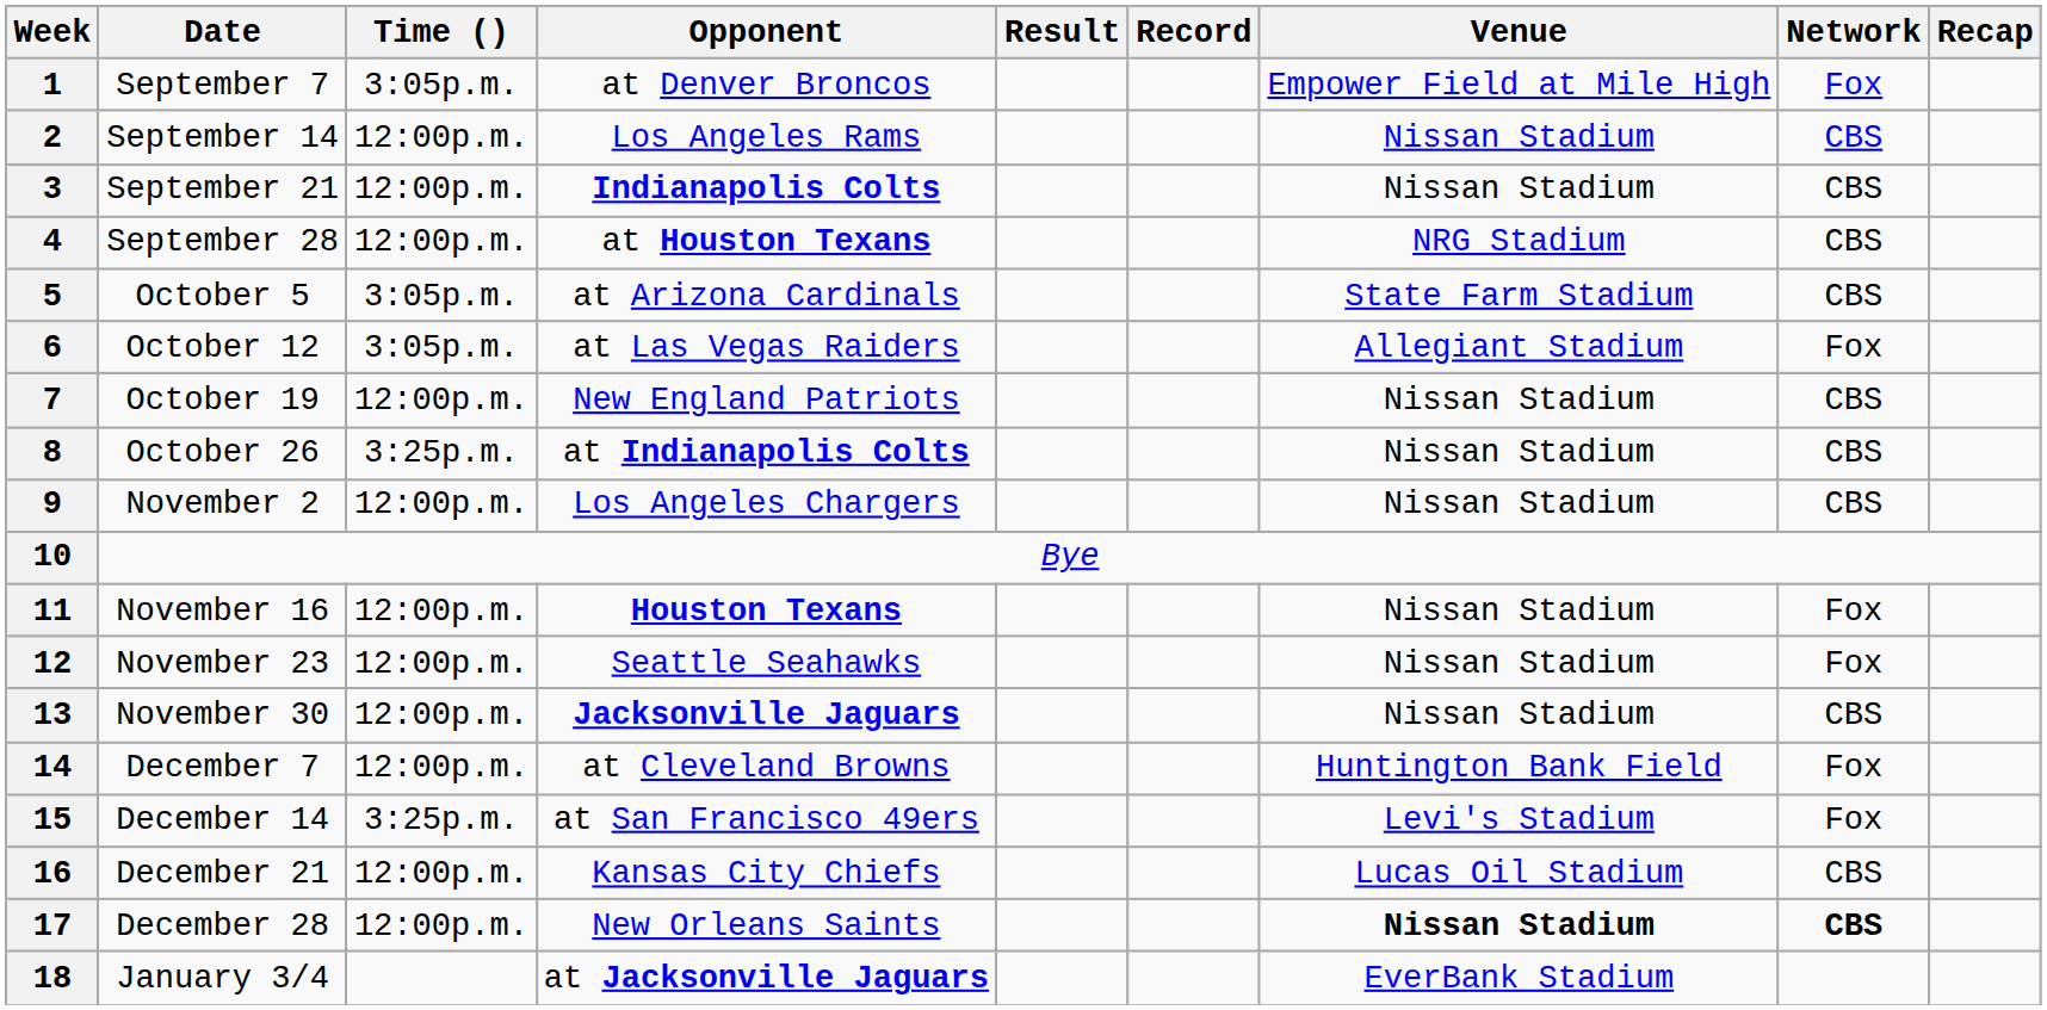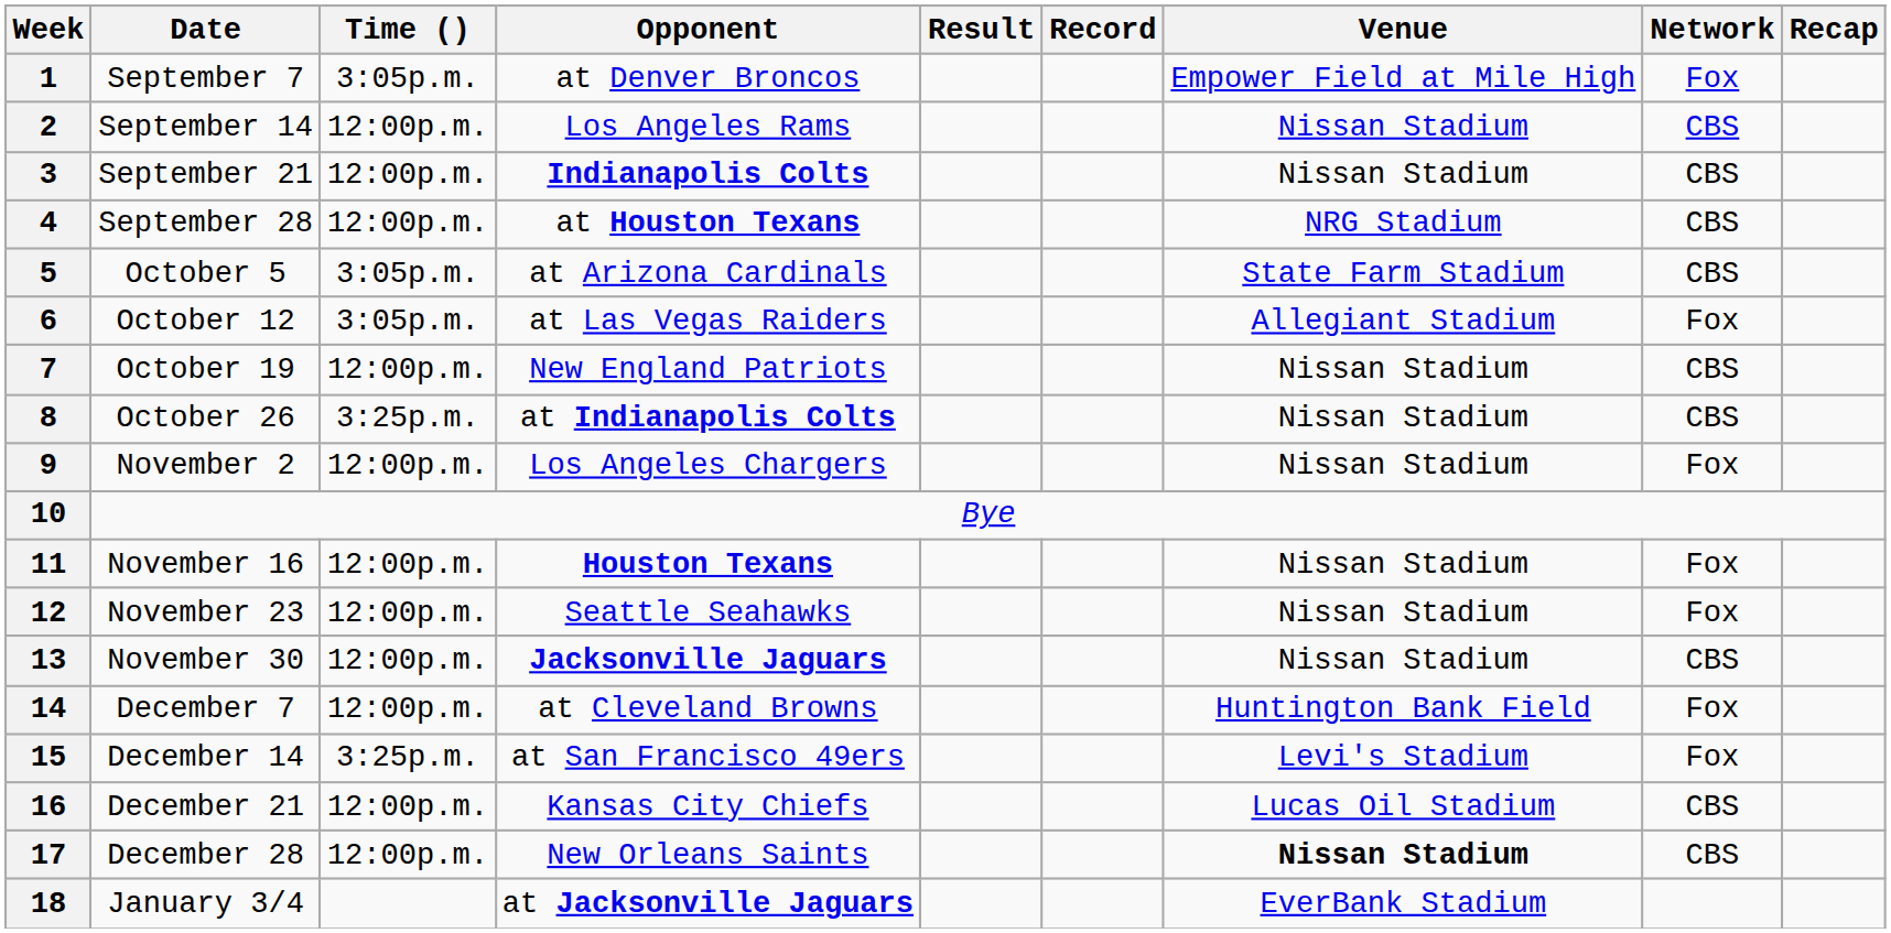 <table class="wikitable" style="text-align:center">
 <tr>
 <th>Week</th>
 <th>Date</th>
 <th>Time (<a href='#'></a>)</th>
 <th>Opponent</th>
 <th>Result</th>
 <th>Record</th>
 <th>Venue</th>
 <th>Network</th>
 <th>Recap</th>
 </tr>
 <tr>
 <th>1 </th>
 <td>September 7</td>
 <td>3:05p.m.</td>
 <td>at <a href='#'>Denver Broncos</a></td>
 <td></td>
 <td></td>
 <td><a href='#'>Empower Field at Mile High</a></td>
 <td><a href='#'>Fox</a></td>
 <td></td>
 </tr>
 <tr>
 <th>2 </th>
 <td>September 14</td>
 <td>12:00p.m.</td>
 <td><a href='#'>Los Angeles Rams</a></td>
 <td></td>
 <td></td>
 <td><a href='#'>Nissan Stadium</a></td>
 <td><a href='#'>CBS</a></td>
 <td></td>
 </tr>
 <tr>
 <th>3 </th>
 <td>September 21</td>
 <td>12:00p.m.</td>
 <td><strong><a href='#'>Indianapolis Colts</a></strong></td>
 <td></td>
 <td></td>
 <td>Nissan Stadium</td>
 <td>CBS</td>
 <td></td>
 </tr>
 <tr>
 <th>4 </th>
 <td>September 28</td>
 <td>12:00p.m.</td>
 <td>at <strong><a href='#'>Houston Texans</a></strong></td>
 <td></td>
 <td></td>
 <td><a href='#'>NRG Stadium</a></td>
 <td>CBS</td>
 <td></td>
 </tr>
 <tr>
 <th>5 </th>
 <td>October 5</td>
 <td>3:05p.m.</td>
 <td>at <a href='#'>Arizona Cardinals</a></td>
 <td></td>
 <td></td>
 <td><a href='#'>State Farm Stadium</a></td>
 <td>CBS</td>
 <td></td>
 </tr>
 <tr>
 <th>6 </th>
 <td>October 12</td>
 <td>3:05p.m.</td>
 <td>at <a href='#'>Las Vegas Raiders</a></td>
 <td></td>
 <td></td>
 <td><a href='#'>Allegiant Stadium</a></td>
 <td>Fox</td>
 <td></td>
 </tr>
 <tr>
 <th>7 </th>
 <td>October 19</td>
 <td>12:00p.m.</td>
 <td><a href='#'>New England Patriots</a></td>
 <td></td>
 <td></td>
 <td>Nissan Stadium</td>
 <td>CBS</td>
 <td></td>
 </tr>
 <tr>
 <th>8 </th>
 <td>October 26</td>
 <td>3:25p.m.</td>
 <td>at <strong><a href='#'>Indianapolis Colts</a></strong></td>
 <td></td>
 <td></td>
 <td>Nissan Stadium</td>
 <td>CBS</td>
 <td></td>
 </tr>
 <tr>
 <th>9 </th>
 <td>November 2</td>
 <td>12:00p.m.</td>
 <td><a href='#'>Los Angeles Chargers</a></td>
 <td></td>
 <td></td>
 <td>Nissan Stadium</td>
-<td>CBS</td>
+<td>Fox</td>
 <td></td>
 </tr>
 <tr>
 <th>10</th>
 <td colspan=8><em><a href='#'>Bye</a></em></td>
 </tr>
 <tr>
 <th>11 </th>
 <td>November 16</td>
 <td>12:00p.m.</td>
 <td><strong><a href='#'>Houston Texans</a></strong></td>
 <td></td>
 <td></td>
 <td>Nissan Stadium</td>
 <td>Fox</td>
 <td></td>
 </tr>
 <tr>
 <th>12 </th>
 <td>November 23</td>
 <td>12:00p.m.</td>
 <td><a href='#'>Seattle Seahawks</a></td>
 <td></td>
 <td></td>
 <td>Nissan Stadium</td>
 <td>Fox</td>
 <td></td>
 </tr>
 <tr>
 <th>13 </th>
 <td>November 30</td>
 <td>12:00p.m.</td>
 <td><strong><a href='#'>Jacksonville Jaguars</a></strong></td>
 <td></td>
 <td></td>
 <td>Nissan Stadium</td>
 <td>CBS</td>
 <td></td>
 </tr>
 <tr>
 <th>14 </th>
 <td>December 7</td>
 <td>12:00p.m.</td>
 <td>at <a href='#'>Cleveland Browns</a></td>
 <td></td>
 <td></td>
 <td><a href='#'>Huntington Bank Field</a></td>
 <td>Fox</td>
 <td></td>
 </tr>
 <tr>
 <th>15 </th>
 <td>December 14</td>
 <td>3:25p.m.</td>
 <td>at <a href='#'>San Francisco 49ers</a></td>
 <td></td>
 <td></td>
 <td><a href='#'>Levi's Stadium</a></td>
 <td>Fox</td>
 <td></td>
 </tr>
 <tr>
 <th>16 </th>
 <td>December 21</td>
 <td>12:00p.m.</td>
 <td><a href='#'>Kansas City Chiefs</a></td>
 <td></td>
 <td></td>
 <td><a href='#'>Lucas Oil Stadium</a></td>
 <td>CBS</td>
 <td></td>
 </tr>
 <tr>
 <th>17 </th>
 <td>December 28</td>
 <td>12:00p.m.</td>
 <td><a href='#'>New Orleans Saints</a></td>
 <td></td>
 <td></td>
 <td><strong>Nissan Stadium</strong></td>
-<td><strong>CBS</strong></td>
+<td>CBS</td>
 <td></td>
 </tr>
 <tr>
 <th>18 </th>
 <td>January 3/4</td>
 <td></td>
 <td>at <strong><a href='#'>Jacksonville Jaguars</a></strong></td>
 <td></td>
 <td></td>
 <td><a href='#'>EverBank Stadium</a></td>
 <td></td>
 <td></td>
 </tr>
 </table>
